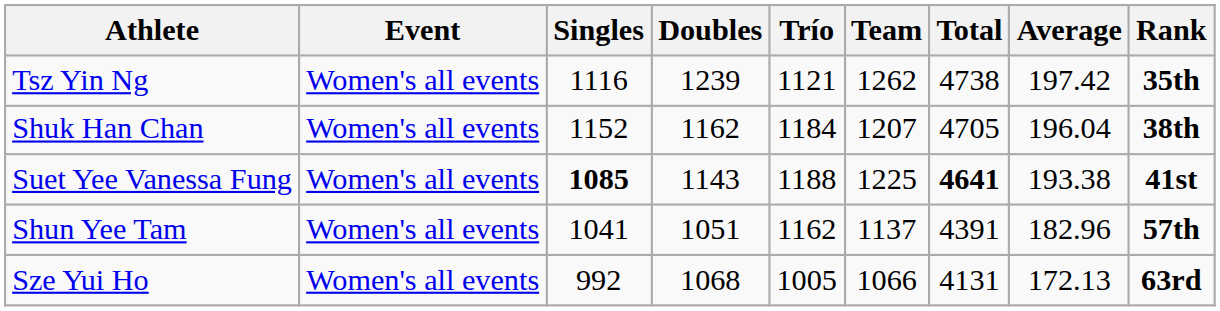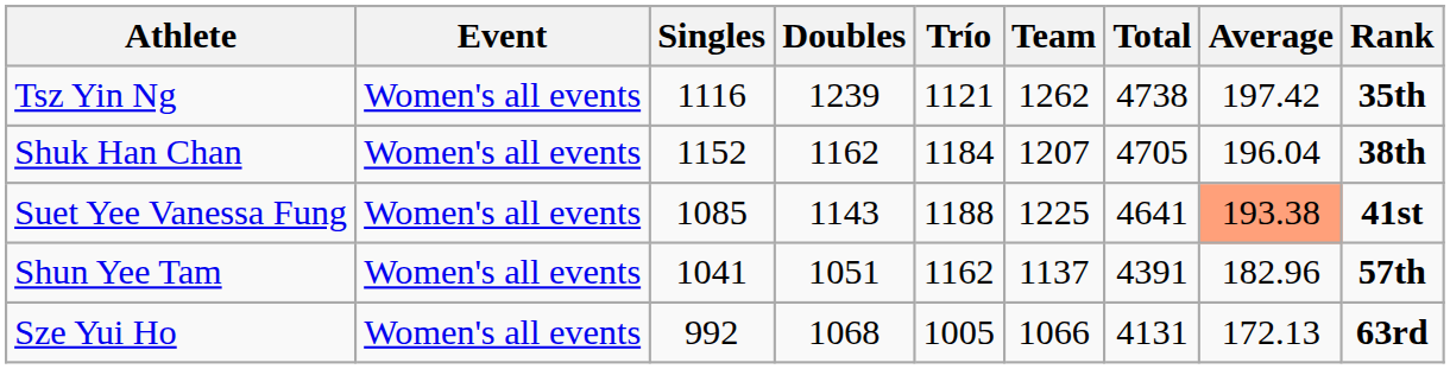 <table class="wikitable" border="1" style="font-size:90%">
 <tr>
 <th>Athlete</th>
 <th>Event</th>
 <th>Singles</th>
 <th>Doubles</th>
 <th>Trío</th>
 <th>Team</th>
 <th>Total</th>
 <th>Average</th>
 <th>Rank</th>
 </tr>
 <tr>
 <td><a href='#'>Tsz Yin Ng</a></td>
 <td><a href='#'>Women's all events</a></td>
 <td align=center>1116</td>
 <td align=center>1239</td>
 <td align=center>1121</td>
 <td align=center>1262</td>
 <td align=center>4738</td>
 <td align=center>197.42</td>
 <td align=center><strong>35th</strong></td>
 </tr>
 <tr>
 <td><a href='#'>Shuk Han Chan</a></td>
 <td><a href='#'>Women's all events</a></td>
 <td align=center>1152</td>
 <td align=center>1162</td>
 <td align=center>1184</td>
 <td align=center>1207</td>
 <td align=center>4705</td>
 <td align=center>196.04</td>
 <td align=center><strong>38th</strong></td>
 </tr>
 <tr>
 <td><a href='#'>Suet Yee Vanessa Fung</a></td>
 <td><a href='#'>Women's all events</a></td>
-<td align=center><strong>1085</strong></td>
+<td align=center>1085</td>
 <td align=center>1143</td>
 <td align=center>1188</td>
 <td align=center>1225</td>
-<td align=center><strong>4641</strong></td>
-<td align=center>193.38</td>
+<td align=center>4641</td>
+<td align=center style="background: lightsalmon;">193.38</td>
 <td align=center><strong>41st</strong></td>
 </tr>
 <tr>
 <td><a href='#'>Shun Yee Tam</a></td>
 <td><a href='#'>Women's all events</a></td>
 <td align=center>1041</td>
 <td align=center>1051</td>
 <td align=center>1162</td>
 <td align=center>1137</td>
 <td align=center>4391</td>
 <td align=center>182.96</td>
 <td align=center><strong>57th</strong></td>
 </tr>
 <tr>
 <td><a href='#'>Sze Yui Ho</a></td>
 <td><a href='#'>Women's all events</a></td>
 <td align=center>992</td>
 <td align=center>1068</td>
 <td align=center>1005</td>
 <td align=center>1066</td>
 <td align=center>4131</td>
 <td align=center>172.13</td>
 <td align=center><strong>63rd</strong></td>
 </tr>
 </table>
